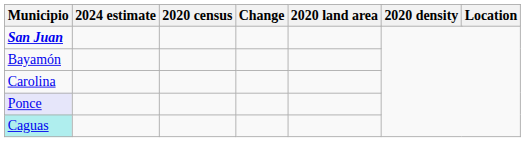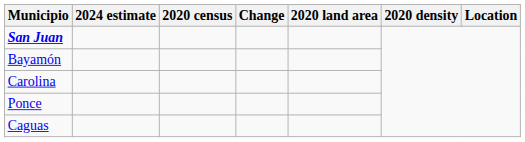 <table class="sortable wikitable static-row-numbers sort-under col1left" >
 <tr>
 <th>Municipio</th>
 <th>2024 estimate</th>
 <th>2020 census</th>
 <th>Change</th>
 <th colspan=2>2020 land area</th>
 <th colspan=2>2020 density</th>
 <th>Location</th>
 </tr>
 <tr>
 <td><strong><em><a href='#'>San Juan</a></em></strong></td>
 <td></td>
 <td></td>
 <td></td>
 <td></td>
 </tr>
 <tr>
 <td><a href='#'>Bayamón</a></td>
 <td></td>
 <td></td>
 <td></td>
 <td></td>
 </tr>
 <tr>
 <td><a href='#'>Carolina</a></td>
 <td></td>
 <td></td>
 <td></td>
 <td></td>
 </tr>
 <tr>
-<td style="background: lavender;"><a href='#'>Ponce</a></td>
+<td><a href='#'>Ponce</a></td>
 <td></td>
 <td></td>
 <td></td>
 <td></td>
 </tr>
 <tr>
-<td style="background: paleturquoise;"><a href='#'>Caguas</a></td>
+<td><a href='#'>Caguas</a></td>
 <td></td>
 <td></td>
 <td></td>
 <td></td>
 </tr>
 </table>
